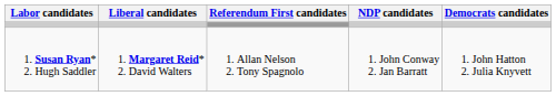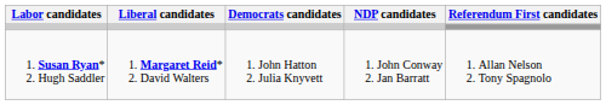 <table class="wikitable">
 <tr>
 <th><a href='#'>Labor</a> candidates</th>
 <th><a href='#'>Liberal</a> candidates</th>
+<th><a href='#'>Democrats</a> candidates</th>
+<th><a href='#'>NDP</a> candidates</th>
 <th><a href='#'>Referendum First</a> candidates</th>
-<th><a href='#'>NDP</a> candidates</th>
-<th><a href='#'>Democrats</a> candidates</th>
 </tr>
 <tr bgcolor="#cccccc">
 <td></td>
 <td></td>
-<td bgcolor="#999999"></td>
 <td></td>
 <td></td>
+<td bgcolor="#999999"></td>
 </tr>
 <tr>
 <td><br><ol><li><strong><a href='#'>Susan Ryan</a></strong>*</li><li>Hugh Saddler</li></ol></td>
 <td><br><ol><li><strong><a href='#'>Margaret Reid</a></strong>*</li><li>David Walters</li></ol></td>
+<td valign=top><br><ol><li>John Hatton</li><li>Julia Knyvett</li></ol></td>
+<td valign=top><br><ol><li>John Conway</li><li>Jan Barratt</li></ol></td>
 <td valign=top><br><ol><li>Allan Nelson</li><li>Tony Spagnolo</li></ol></td>
-<td valign=top><br><ol><li>John Conway</li><li>Jan Barratt</li></ol></td>
-<td valign=top><br><ol><li>John Hatton</li><li>Julia Knyvett</li></ol></td>
 </tr>
 </table>
